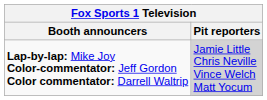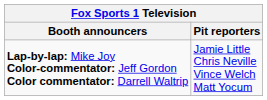 <table class="wikitable" style="font-size: 95%;">
 <tr>
 <th colspan="2"><a href='#'>Fox Sports 1</a> Television</th>
 </tr>
 <tr>
 <th>Booth announcers</th>
 <th>Pit reporters</th>
 </tr>
 <tr>
 <td><strong>Lap-by-lap:</strong> <a href='#'>Mike Joy</a><br><strong>Color-commentator:</strong> <a href='#'>Jeff Gordon</a><br><strong>Color commentator:</strong> <a href='#'>Darrell Waltrip</a></td>
-<td style="background: lightgrey;"><a href='#'>Jamie Little</a><br><a href='#'>Chris Neville</a><br><a href='#'>Vince Welch</a><br><a href='#'>Matt Yocum</a></td>
+<td><a href='#'>Jamie Little</a><br><a href='#'>Chris Neville</a><br><a href='#'>Vince Welch</a><br><a href='#'>Matt Yocum</a></td>
 </tr>
 </table>
